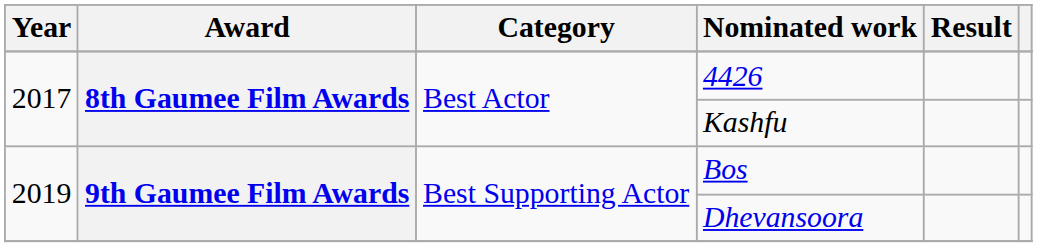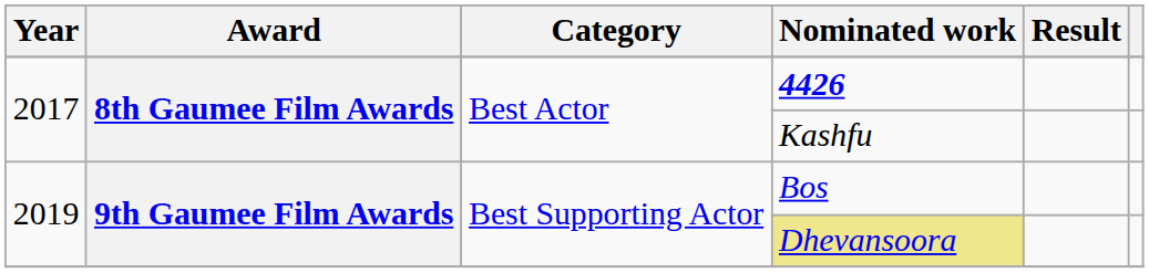 <table class="wikitable plainrowheaders sortable">
 <tr>
 <th scope="col">Year</th>
 <th scope="col">Award</th>
 <th scope="col">Category</th>
 <th scope="col">Nominated work</th>
 <th scope="col">Result</th>
 <th scope="col" class="unsortable"></th>
 </tr>
 <tr>
 </tr>
 <tr>
 <td rowspan="2">2017</td>
 <th scope="row" rowspan="2"><a href='#'>8th Gaumee Film Awards</a></th>
 <td rowspan="2"><a href='#'>Best Actor</a></td>
-<td><em><a href='#'>4426</a></em></td>
+<td><strong><em><a href='#'>4426</a></em></strong></td>
 <td></td>
 <td style="text-align:center;"></td>
 </tr>
 <tr>
 <td><em>Kashfu</em></td>
 <td></td>
 <td style="text-align:center;"></td>
 </tr>
 <tr>
 <td rowspan="2">2019</td>
 <th scope="row" rowspan="2"><a href='#'>9th Gaumee Film Awards</a></th>
 <td rowspan="2"><a href='#'>Best Supporting Actor</a></td>
 <td><em><a href='#'>Bos</a></em></td>
 <td></td>
 <td style="text-align:center;"></td>
 </tr>
 <tr>
-<td><em><a href='#'>Dhevansoora</a></em></td>
+<td style="background: khaki;"><em><a href='#'>Dhevansoora</a></em></td>
 <td></td>
 <td style="text-align:center;"></td>
 </tr>
 <tr>
 </tr>
 </table>
